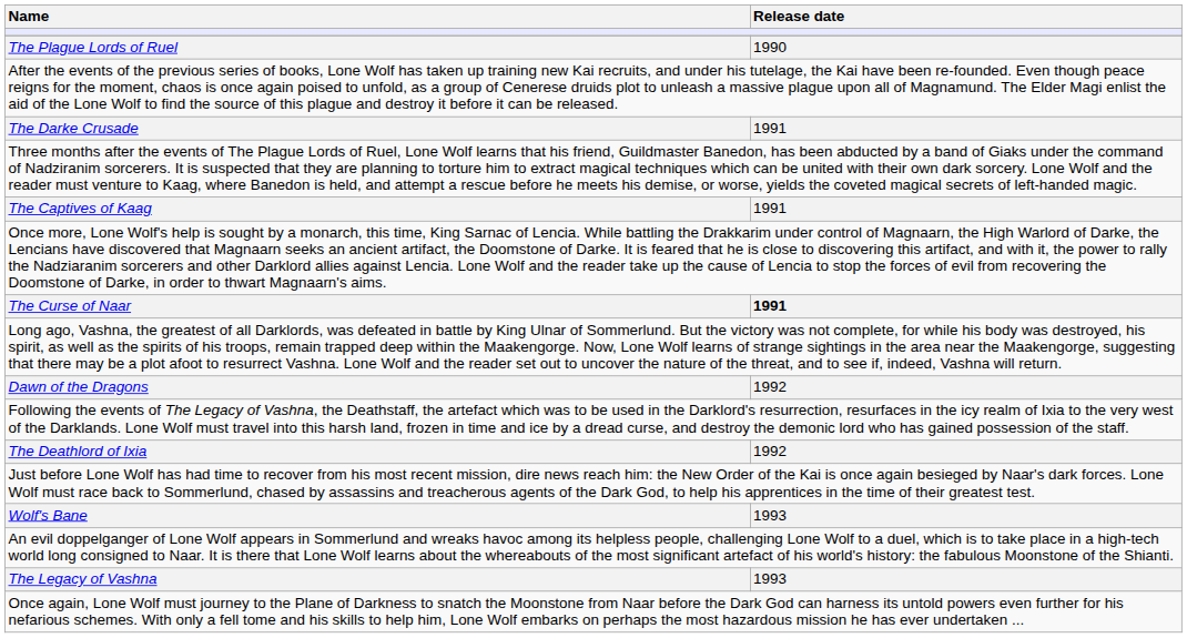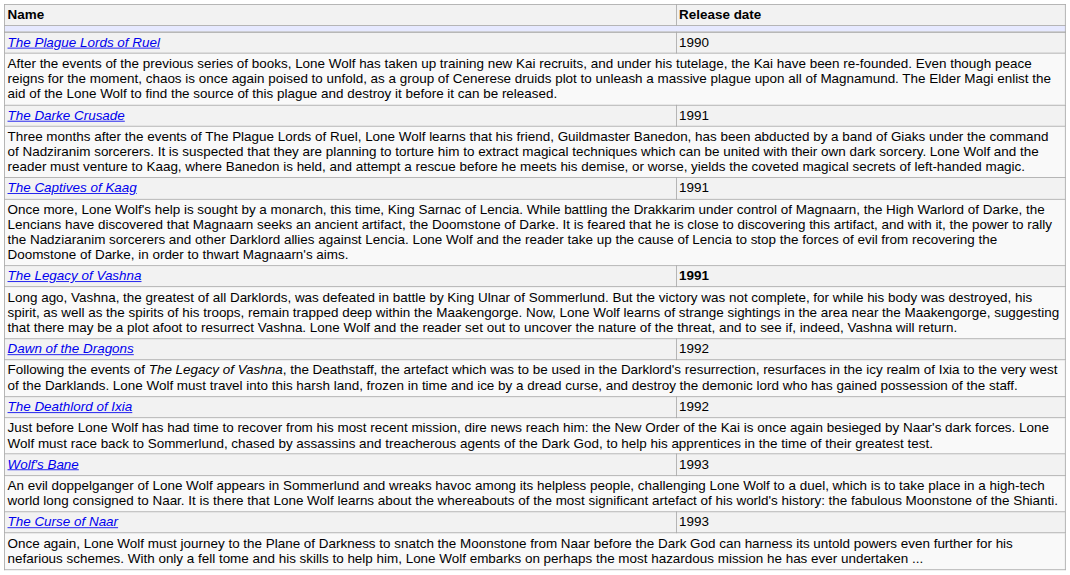 <table class="wikitable" width="100%">
 <tr>
 <th style="text-align:left;">Name</th>
 <th style="text-align:left;">Release date</th>
 </tr>
 <tr>
 <td colspan="2" bgcolor="#e6e9ff"></td>
 </tr>
 <tr>
 </tr>
 <tr bgcolor="#F2F2F2" align="left">
 <td><em><a href='#'>The Plague Lords of Ruel</a></em></td>
 <td>1990</td>
 </tr>
 <tr>
 <td colspan="2" style="border: none; vertical-align: top;">After the events of the previous series of books, Lone Wolf has taken up training new Kai recruits, and under his tutelage, the Kai have been re-founded. Even though peace reigns for the moment, chaos is once again poised to unfold, as a group of Cenerese druids plot to unleash a massive plague upon all of Magnamund. The Elder Magi enlist the aid of the Lone Wolf to find the source of this plague and destroy it before it can be released.</td>
 </tr>
 <tr bgcolor="#F2F2F2" align="left">
 <td><em><a href='#'>The Darke Crusade</a></em></td>
 <td>1991</td>
 </tr>
 <tr>
 <td colspan="2" style="border: none; vertical-align: top;">Three months after the events of The Plague Lords of Ruel, Lone Wolf learns that his friend, Guildmaster Banedon, has been abducted by a band of Giaks under the command of Nadziranim sorcerers. It is suspected that they are planning to torture him to extract magical techniques which can be united with their own dark sorcery. Lone Wolf and the reader must venture to Kaag, where Banedon is held, and attempt a rescue before he meets his demise, or worse, yields the coveted magical secrets of left-handed magic.</td>
 </tr>
 <tr bgcolor="#F2F2F2" align="left">
 <td><em><a href='#'>The Captives of Kaag</a></em></td>
 <td>1991</td>
 </tr>
 <tr>
 <td colspan="2" style="border: none; vertical-align: top;">Once more, Lone Wolf's help is sought by a monarch, this time, King Sarnac of Lencia. While battling the Drakkarim under control of Magnaarn, the High Warlord of Darke, the Lencians have discovered that Magnaarn seeks an ancient artifact, the Doomstone of Darke. It is feared that he is close to discovering this artifact, and with it, the power to rally the Nadziaranim sorcerers and other Darklord allies against Lencia. Lone Wolf and the reader take up the cause of Lencia to stop the forces of evil from recovering the Doomstone of Darke, in order to thwart Magnaarn's aims.</td>
 </tr>
 <tr bgcolor="#F2F2F2" align="left">
-<td><em><a href='#'>The Curse of Naar</a></em></td>
+<td><em><a href='#'>The Legacy of Vashna</a></em></td>
 <td><strong>1991</strong></td>
 </tr>
 <tr>
 <td colspan="2" style="border: none; vertical-align: top;">Long ago, Vashna, the greatest of all Darklords, was defeated in battle by King Ulnar of Sommerlund. But the victory was not complete, for while his body was destroyed, his spirit, as well as the spirits of his troops, remain trapped deep within the Maakengorge. Now, Lone Wolf learns of strange sightings in the area near the Maakengorge, suggesting that there may be a plot afoot to resurrect Vashna. Lone Wolf and the reader set out to uncover the nature of the threat, and to see if, indeed, Vashna will return.</td>
 </tr>
 <tr bgcolor="#F2F2F2" align="left">
 <td><em><a href='#'>Dawn of the Dragons</a></em></td>
 <td>1992</td>
 </tr>
 <tr>
 <td colspan="2" style="border: none; vertical-align: top;">Following the events of <em>The Legacy of Vashna</em>, the Deathstaff, the artefact which was to be used in the Darklord's resurrection, resurfaces in the icy realm of Ixia to the very west of the Darklands. Lone Wolf must travel into this harsh land, frozen in time and ice by a dread curse, and destroy the demonic lord who has gained possession of the staff.</td>
 </tr>
 <tr bgcolor="#F2F2F2" align="left">
 <td><em><a href='#'>The Deathlord of Ixia</a></em></td>
 <td>1992</td>
 </tr>
 <tr>
 <td colspan="2" style="border: none; vertical-align: top;">Just before Lone Wolf has had time to recover from his most recent mission, dire news reach him: the New Order of the Kai is once again besieged by Naar's dark forces. Lone Wolf must race back to Sommerlund, chased by assassins and treacherous agents of the Dark God, to help his apprentices in the time of their greatest test.</td>
 </tr>
 <tr bgcolor="#F2F2F2" align="left">
 <td><em><a href='#'>Wolf's Bane</a></em></td>
 <td>1993</td>
 </tr>
 <tr>
 <td colspan="2" style="border: none; vertical-align: top;">An evil doppelganger of Lone Wolf appears in Sommerlund and wreaks havoc among its helpless people, challenging Lone Wolf to a duel, which is to take place in a high-tech world long consigned to Naar. It is there that Lone Wolf learns about the whereabouts of the most significant artefact of his world's history: the fabulous Moonstone of the Shianti.</td>
 </tr>
 <tr bgcolor="#F2F2F2" align="left">
-<td><em><a href='#'>The Legacy of Vashna</a></em></td>
+<td><em><a href='#'>The Curse of Naar</a></em></td>
 <td>1993</td>
 </tr>
 <tr>
 <td colspan="2" style="border: none; vertical-align: top;">Once again, Lone Wolf must journey to the Plane of Darkness to snatch the Moonstone from Naar before the Dark God can harness its untold powers even further for his nefarious schemes. With only a fell tome and his skills to help him, Lone Wolf embarks on perhaps the most hazardous mission he has ever undertaken ...</td>
 </tr>
 </table>
